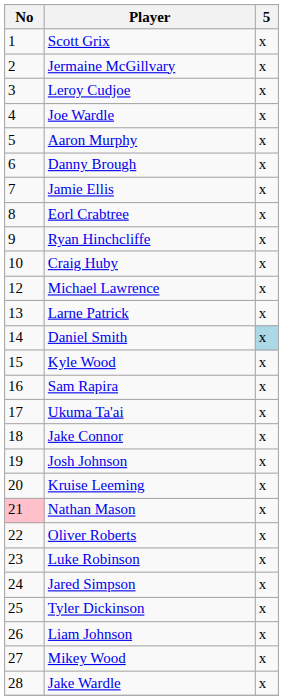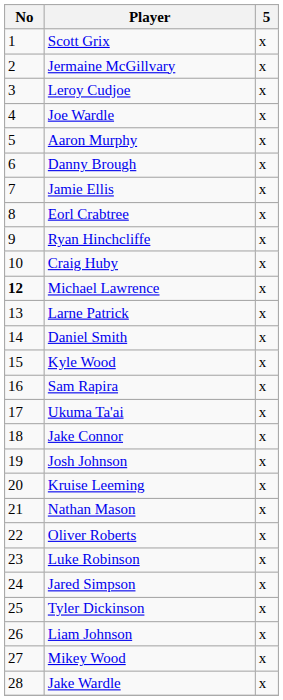 <table class="wikitable"  style="font-size:85%; width:40%;">
 <tr>
 <th>No</th>
 <th>Player</th>
 <th>5</th>
 </tr>
 <tr>
 <td>1</td>
 <td><a href='#'>Scott Grix</a></td>
 <td>x</td>
 </tr>
 <tr>
 <td>2</td>
 <td><a href='#'>Jermaine McGillvary</a></td>
 <td>x</td>
 </tr>
 <tr>
 <td>3</td>
 <td><a href='#'>Leroy Cudjoe</a></td>
 <td>x</td>
 </tr>
 <tr>
 <td>4</td>
 <td><a href='#'>Joe Wardle</a></td>
 <td>x</td>
 </tr>
 <tr>
 <td>5</td>
 <td><a href='#'>Aaron Murphy</a></td>
 <td>x</td>
 </tr>
 <tr>
 <td>6</td>
 <td><a href='#'>Danny Brough</a></td>
 <td>x</td>
 </tr>
 <tr>
 <td>7</td>
 <td><a href='#'>Jamie Ellis</a></td>
 <td>x</td>
 </tr>
 <tr>
 <td>8</td>
 <td><a href='#'>Eorl Crabtree</a></td>
 <td>x</td>
 </tr>
 <tr>
 <td>9</td>
 <td><a href='#'>Ryan Hinchcliffe</a></td>
 <td>x</td>
 </tr>
 <tr>
 <td>10</td>
 <td><a href='#'>Craig Huby</a></td>
 <td>x</td>
 </tr>
 <tr>
-<td>12</td>
+<td><strong>12</strong></td>
 <td><a href='#'>Michael Lawrence</a></td>
 <td>x</td>
 </tr>
 <tr>
 <td>13</td>
 <td><a href='#'>Larne Patrick</a></td>
 <td>x</td>
 </tr>
 <tr>
 <td>14</td>
 <td><a href='#'>Daniel Smith</a></td>
-<td style="background: lightblue;">x</td>
+<td>x</td>
 </tr>
 <tr>
 <td>15</td>
 <td><a href='#'>Kyle Wood</a></td>
 <td>x</td>
 </tr>
 <tr>
 <td>16</td>
 <td><a href='#'>Sam Rapira</a></td>
 <td>x</td>
 </tr>
 <tr>
 <td>17</td>
 <td><a href='#'>Ukuma Ta'ai</a></td>
 <td>x</td>
 </tr>
 <tr>
 <td>18</td>
 <td><a href='#'>Jake Connor</a></td>
 <td>x</td>
 </tr>
 <tr>
 <td>19</td>
 <td><a href='#'>Josh Johnson</a></td>
 <td>x</td>
 </tr>
 <tr>
 <td>20</td>
 <td><a href='#'>Kruise Leeming</a></td>
 <td>x</td>
 </tr>
 <tr>
-<td style="background: pink;">21</td>
+<td>21</td>
 <td><a href='#'>Nathan Mason</a></td>
 <td>x</td>
 </tr>
 <tr>
 <td>22</td>
 <td><a href='#'>Oliver Roberts</a></td>
 <td>x</td>
 </tr>
 <tr>
 <td>23</td>
 <td><a href='#'>Luke Robinson</a></td>
 <td>x</td>
 </tr>
 <tr>
 <td>24</td>
 <td><a href='#'>Jared Simpson</a></td>
 <td>x</td>
 </tr>
 <tr>
 <td>25</td>
 <td><a href='#'>Tyler Dickinson</a></td>
 <td>x</td>
 </tr>
 <tr>
 <td>26</td>
 <td><a href='#'>Liam Johnson</a></td>
 <td>x</td>
 </tr>
 <tr>
 <td>27</td>
 <td><a href='#'>Mikey Wood</a></td>
 <td>x</td>
 </tr>
 <tr>
 <td>28</td>
 <td><a href='#'>Jake Wardle</a></td>
 <td>x</td>
 </tr>
 <tr>
 </tr>
 </table>
